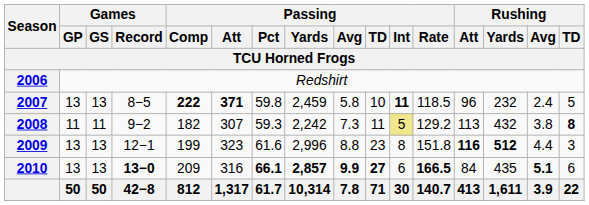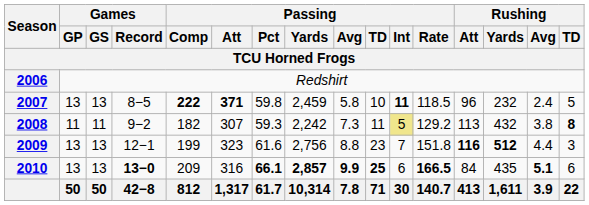 <table class="wikitable" style="text-align:center;">
 <tr>
 <th rowspan="2">Season</th>
 <th colspan="3">Games</th>
 <th colspan="8">Passing</th>
 <th colspan="5">Rushing</th>
 </tr>
 <tr>
 <th>GP</th>
 <th>GS</th>
 <th>Record</th>
 <th>Comp</th>
 <th>Att</th>
 <th>Pct</th>
 <th>Yards</th>
 <th>Avg</th>
 <th>TD</th>
 <th>Int</th>
 <th>Rate</th>
 <th>Att</th>
 <th>Yards</th>
 <th>Avg</th>
 <th>TD</th>
 </tr>
 <tr>
 <th colspan="16">TCU Horned Frogs</th>
 </tr>
 <tr>
 <th><a href='#'>2006</a></th>
 <td colspan="15"><em>Redshirt </em></td>
 </tr>
 <tr>
 <th><a href='#'>2007</a></th>
 <td>13</td>
 <td>13</td>
 <td>8−5</td>
 <td><strong>222</strong></td>
 <td><strong>371</strong></td>
 <td>59.8</td>
 <td>2,459</td>
 <td>5.8</td>
 <td>10</td>
 <td><strong>11</strong></td>
 <td>118.5</td>
 <td>96</td>
 <td>232</td>
 <td>2.4</td>
 <td>5</td>
 </tr>
 <tr>
 <th><a href='#'>2008</a></th>
 <td>11</td>
 <td>11</td>
 <td>9−2</td>
 <td>182</td>
 <td>307</td>
 <td>59.3</td>
 <td>2,242</td>
 <td>7.3</td>
 <td>11</td>
 <td style="background: khaki;">5</td>
 <td>129.2</td>
 <td>113</td>
 <td>432</td>
 <td>3.8</td>
 <td><strong>8</strong></td>
 </tr>
 <tr>
 <th><a href='#'>2009</a></th>
 <td>13</td>
 <td>13</td>
 <td>12−1</td>
 <td>199</td>
 <td>323</td>
 <td>61.6</td>
-<td>2,996</td>
+<td>2,756</td>
 <td>8.8</td>
 <td>23</td>
-<td>8</td>
+<td>7</td>
 <td>151.8</td>
 <td><strong>116</strong></td>
 <td><strong>512</strong></td>
 <td>4.4</td>
 <td>3</td>
 </tr>
 <tr>
 <th><a href='#'>2010</a></th>
 <td>13</td>
 <td>13</td>
 <td><strong>13−0</strong></td>
 <td>209</td>
 <td>316</td>
 <td><strong>66.1</strong></td>
 <td><strong>2,857</strong></td>
 <td><strong>9.9</strong></td>
-<td><strong>27</strong></td>
+<td><strong>25</strong></td>
 <td>6</td>
 <td><strong>166.5</strong></td>
 <td>84</td>
 <td>435</td>
 <td><strong>5.1</strong></td>
 <td>6</td>
 </tr>
 <tr>
 <th></th>
 <th>50</th>
 <th>50</th>
 <th>42−8</th>
 <th>812</th>
 <th>1,317</th>
 <th>61.7</th>
 <th>10,314</th>
 <th>7.8</th>
 <th>71</th>
 <th>30</th>
 <th>140.7</th>
 <th>413</th>
 <th>1,611</th>
 <th>3.9</th>
 <th>22</th>
 </tr>
 </table>
